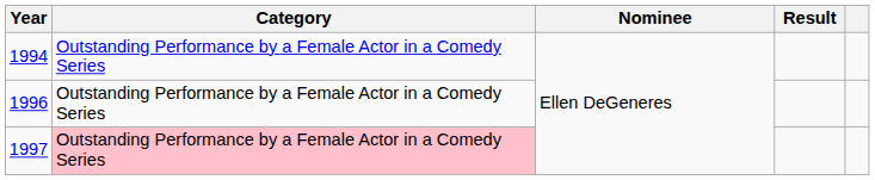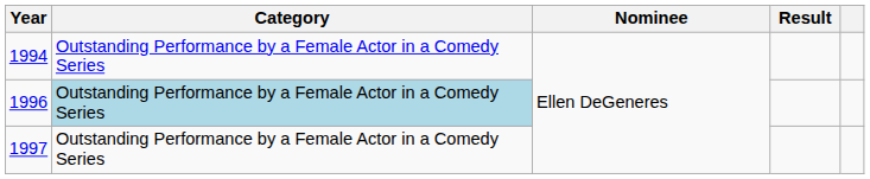 <table class="wikitable" width=90%>
 <tr>
 <th scope="col">Year</th>
 <th width="800" scope="col">Category</th>
 <th width="350" scope="col">Nominee</th>
 <th width="65" scope="col">Result</th>
 <th width="30" scope="col"></th>
 </tr>
 <tr>
 <td><a href='#'>1994</a></td>
 <td scope="row"><a href='#'>Outstanding Performance by a Female Actor in a Comedy Series</a></td>
 <td rowspan="3">Ellen DeGeneres</td>
 <td></td>
 <td style="text-align:center;"></td>
 </tr>
 <tr>
 <td><a href='#'>1996</a></td>
-<td scope="row">Outstanding Performance by a Female Actor in a Comedy Series</td>
+<td scope="row" style="background: lightblue;">Outstanding Performance by a Female Actor in a Comedy Series</td>
 <td></td>
 <td style="text-align:center;"></td>
 </tr>
 <tr>
 <td><a href='#'>1997</a></td>
-<td scope="row" style="background: pink;">Outstanding Performance by a Female Actor in a Comedy Series</td>
+<td scope="row">Outstanding Performance by a Female Actor in a Comedy Series</td>
 <td></td>
 <td style="text-align:center;"></td>
 </tr>
 </table>
